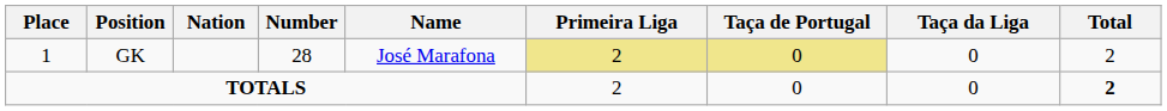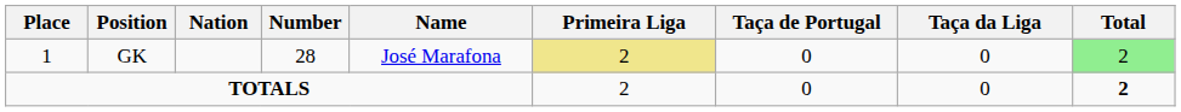 <table class="wikitable" style="font-size: 95%; text-align: center;">
 <tr>
 <th width=60>Place</th>
 <th width=60>Position</th>
 <th width=60>Nation</th>
 <th width=60>Number</th>
 <th width=150>Name</th>
 <th width=150>Primeira Liga</th>
 <th width=150>Taça de Portugal</th>
 <th width=150>Taça da Liga</th>
 <th width=80><strong>Total</strong></th>
 </tr>
 <tr>
 <td>1</td>
 <td>GK</td>
 <td></td>
 <td>28</td>
 <td><a href='#'>José Marafona</a></td>
 <td style="background: khaki;">2</td>
-<td style="background: khaki;">0</td>
 <td>0</td>
-<td>2</td>
+<td>0</td>
+<td style="background: lightgreen;">2</td>
 </tr>
 <tr>
 <td colspan="5"><strong>TOTALS</strong></td>
 <td>2</td>
 <td>0</td>
 <td>0</td>
 <td><strong>2</strong></td>
 </tr>
 </table>
